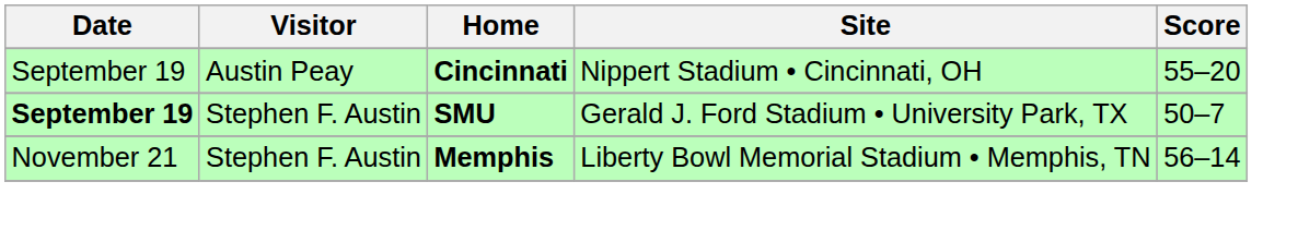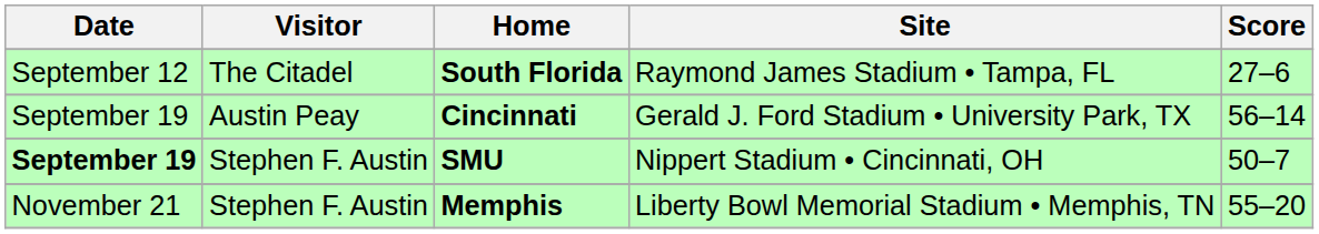 <table class="wikitable">
 <tr>
 <th>Date</th>
 <th>Visitor</th>
 <th>Home</th>
 <th>Site</th>
 <th>Score</th>
 </tr>
 <tr>
 </tr>
+<tr style="background:#bfb">
+<td>September 12</td>
+<td>The Citadel</td>
+<td><strong>South Florida</strong></td>
+<td>Raymond James Stadium • Tampa, FL</td>
+<td>27–6</td>
+</tr>
 <tr>
 </tr>
 <tr style="background:#bfb">
 <td>September 19</td>
 <td>Austin Peay</td>
 <td><strong>Cincinnati</strong></td>
-<td>Nippert Stadium • Cincinnati, OH</td>
-<td>55–20</td>
+<td>Gerald J. Ford Stadium • University Park, TX</td>
+<td>56–14</td>
 </tr>
 <tr>
 </tr>
 <tr style="background:#bfb">
 <td><strong>September 19</strong></td>
 <td>Stephen F. Austin</td>
 <td><strong>SMU</strong></td>
-<td>Gerald J. Ford Stadium • University Park, TX</td>
+<td>Nippert Stadium • Cincinnati, OH</td>
 <td>50–7</td>
 </tr>
 <tr>
 </tr>
 <tr style="background:#bfb">
 <td>November 21</td>
 <td>Stephen F. Austin</td>
 <td><strong>Memphis</strong></td>
 <td>Liberty Bowl Memorial Stadium • Memphis, TN</td>
-<td>56–14</td>
+<td>55–20</td>
 </tr>
 <tr>
 </tr>
 </table>
